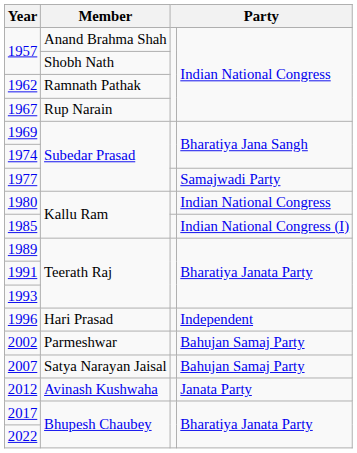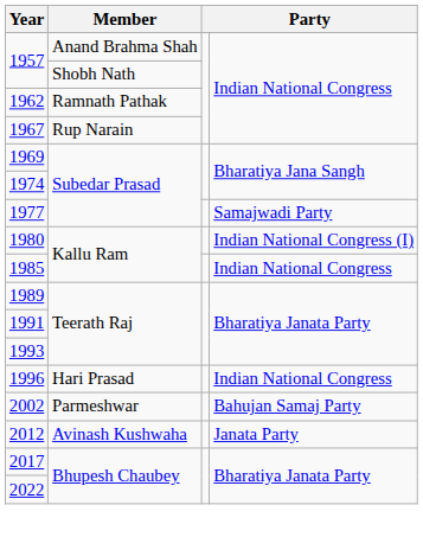 <table class="wikitable">
 <tr>
 <th>Year</th>
 <th>Member</th>
 <th colspan=2>Party</th>
 </tr>
 <tr>
 <td rowspan="2"><a href='#'>1957</a></td>
 <td>Anand Brahma Shah</td>
 <td rowspan="4" style="background-color: "></td>
 <td rowspan="4"><a href='#'>Indian National Congress</a></td>
 </tr>
 <tr>
 <td>Shobh Nath</td>
 </tr>
 <tr>
 <td><a href='#'>1962</a></td>
 <td>Ramnath Pathak</td>
 </tr>
 <tr>
 <td><a href='#'>1967</a></td>
 <td>Rup Narain</td>
 </tr>
 <tr>
 <td><a href='#'>1969</a></td>
 <td rowspan="3"><a href='#'>Subedar Prasad</a></td>
 <td rowspan="2" style="background-color: "></td>
 <td rowspan="2"><a href='#'>Bharatiya Jana Sangh</a></td>
 </tr>
 <tr>
 <td><a href='#'>1974</a></td>
 </tr>
 <tr>
 <td><a href='#'>1977</a></td>
 <td style="background-color: "></td>
 <td><a href='#'>Samajwadi Party</a></td>
 </tr>
 <tr>
 <td><a href='#'>1980</a></td>
 <td rowspan="2">Kallu Ram</td>
 <td style="background-color: "></td>
-<td><a href='#'>Indian National Congress</a></td>
+<td><a href='#'>Indian National Congress (I)</a></td>
 </tr>
 <tr>
 <td><a href='#'>1985</a></td>
 <td style="background-color: "></td>
-<td><a href='#'>Indian National Congress (I)</a></td>
+<td><a href='#'>Indian National Congress</a></td>
 </tr>
 <tr>
 <td><a href='#'>1989</a></td>
 <td rowspan="3">Teerath Raj</td>
 <td rowspan="3" style="background-color: "></td>
 <td rowspan="3"><a href='#'>Bharatiya Janata Party</a></td>
 </tr>
 <tr>
 <td><a href='#'>1991</a></td>
 </tr>
 <tr>
 <td><a href='#'>1993</a></td>
 </tr>
 <tr>
 <td><a href='#'>1996</a></td>
 <td>Hari Prasad</td>
 <td style="background-color: "></td>
-<td><a href='#'>Independent</a></td>
+<td><a href='#'>Indian National Congress</a></td>
 </tr>
 <tr>
 <td><a href='#'>2002</a></td>
 <td>Parmeshwar</td>
-<td style="background-color: "></td>
-<td><a href='#'>Bahujan Samaj Party</a></td>
-</tr>
-<tr>
-<td><a href='#'>2007</a></td>
-<td>Satya Narayan Jaisal</td>
 <td style="background-color: "></td>
 <td><a href='#'>Bahujan Samaj Party</a></td>
 </tr>
 <tr>
 <td><a href='#'>2012</a></td>
 <td><a href='#'>Avinash Kushwaha</a></td>
 <td style="background-color: "></td>
 <td><a href='#'>Janata Party</a></td>
 </tr>
 <tr>
 <td><a href='#'>2017</a></td>
 <td rowspan="2"><a href='#'>Bhupesh Chaubey</a></td>
 <td rowspan="2" style="background-color: "></td>
 <td rowspan="2"><a href='#'>Bharatiya Janata Party</a></td>
 </tr>
 <tr>
 <td><a href='#'>2022</a></td>
 </tr>
 </table>
